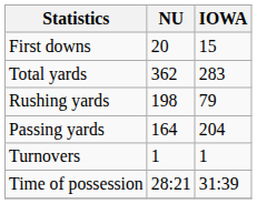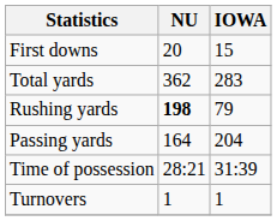 <table class="wikitable">
 <tr>
 <th>Statistics</th>
 <th>NU</th>
 <th>IOWA</th>
 </tr>
 <tr>
 <td>First downs</td>
 <td>20</td>
 <td>15</td>
 </tr>
 <tr>
 <td>Total yards</td>
 <td>362</td>
 <td>283</td>
 </tr>
 <tr>
 <td>Rushing yards</td>
-<td>198</td>
+<td><strong>198</strong></td>
 <td>79</td>
 </tr>
 <tr>
 <td>Passing yards</td>
 <td>164</td>
 <td>204</td>
 </tr>
 <tr>
+<td>Time of possession</td>
+<td>28:21</td>
+<td>31:39</td>
+</tr>
+<tr>
 <td>Turnovers</td>
 <td>1</td>
 <td>1</td>
 </tr>
 <tr>
-<td>Time of possession</td>
-<td>28:21</td>
-<td>31:39</td>
-</tr>
-<tr>
 </tr>
 </table>
